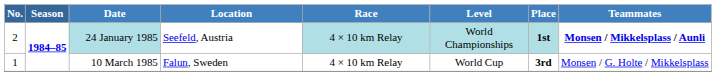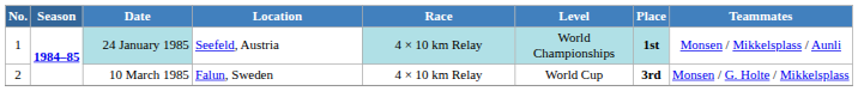 <table class="wikitable sortable" style="font-size:95%; text-align:center; border:grey solid 1px; border-collapse:collapse; background:#ffffff;">
 <tr style="background:#efefef;">
 <th style="background-color:#369; color:white;">No.</th>
 <th style="background-color:#369; color:white;">Season</th>
 <th style="background-color:#4180be; color:white; width:120px;">Date</th>
 <th style="background-color:#4180be; color:white; width:190px;">Location</th>
 <th style="background-color:#4180be; color:white; width:170px;">Race</th>
 <th style="background-color:#4180be; color:white; width:130px;">Level</th>
 <th style="background-color:#4180be; color:white;">Place</th>
 <th style="background-color:#4180be; color:white;">Teammates</th>
 </tr>
 <tr>
-<td align=center>2</td>
+<td align=center>1</td>
 <td rowspan=2 align=center><strong><a href='#'>1984–85</a></strong></td>
 <td bgcolor="#BOEOE6" align=right>24 January 1985</td>
 <td align=left> <a href='#'>Seefeld</a>, Austria</td>
 <td bgcolor="#BOEOE6">4 × 10 km Relay</td>
 <td bgcolor="#BOEOE6">World Championships</td>
 <td bgcolor="#BOEOE6"><strong>1st</strong></td>
-<td><strong><a href='#'>Monsen</a> / <a href='#'>Mikkelsplass</a> / <a href='#'>Aunli</a></strong></td>
+<td><a href='#'>Monsen</a> / <a href='#'>Mikkelsplass</a> / <a href='#'>Aunli</a></td>
 </tr>
 <tr>
-<td align=center>1</td>
+<td align=center>2</td>
 <td align=right>10 March 1985</td>
 <td align=left> <a href='#'>Falun</a>, Sweden</td>
 <td>4 × 10 km Relay</td>
 <td>World Cup</td>
 <td><strong>3rd</strong></td>
 <td><a href='#'>Monsen</a> / <a href='#'>G. Holte</a> / <a href='#'>Mikkelsplass</a></td>
 </tr>
 <tr>
 </tr>
 </table>
